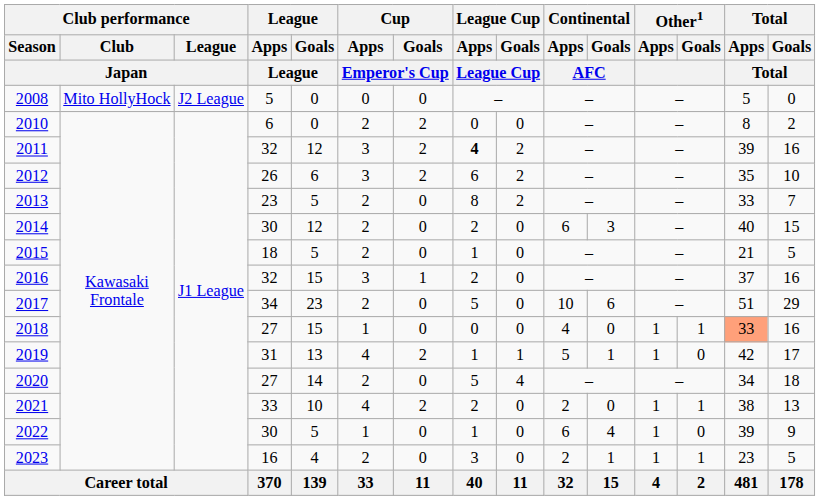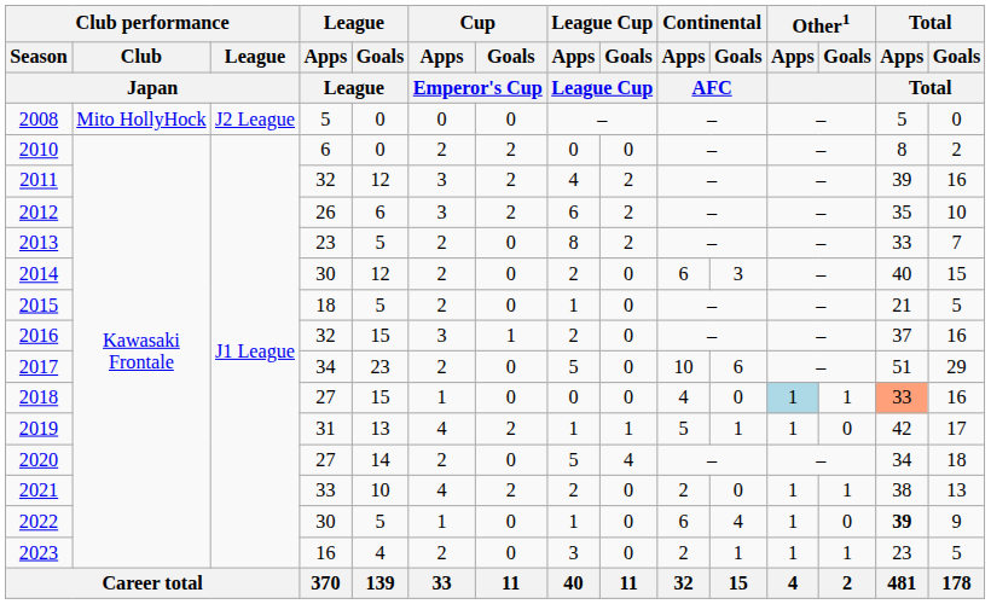 <table class="wikitable" style="text-align:center">
 <tr>
 <th colspan=3>Club performance</th>
 <th colspan=2>League</th>
 <th colspan=2>Cup</th>
 <th colspan=2>League Cup</th>
 <th colspan=2>Continental</th>
 <th colspan=2>Other<sup>1</sup></th>
 <th colspan=2>Total</th>
 </tr>
 <tr>
 <th>Season</th>
 <th>Club</th>
 <th>League</th>
 <th>Apps</th>
 <th>Goals</th>
 <th>Apps</th>
 <th>Goals</th>
 <th>Apps</th>
 <th>Goals</th>
 <th>Apps</th>
 <th>Goals</th>
 <th>Apps</th>
 <th>Goals</th>
 <th>Apps</th>
 <th>Goals</th>
 </tr>
 <tr>
 <th colspan=3>Japan</th>
 <th colspan=2>League</th>
 <th colspan=2><a href='#'>Emperor's Cup</a></th>
 <th colspan=2><a href='#'>League Cup</a></th>
 <th colspan=2><a href='#'>AFC</a></th>
 <th colspan=2></th>
 <th colspan=2>Total</th>
 </tr>
 <tr>
 <td><a href='#'>2008</a></td>
 <td><a href='#'>Mito HollyHock</a></td>
 <td><a href='#'>J2 League</a></td>
 <td>5</td>
 <td>0</td>
 <td>0</td>
 <td>0</td>
 <td colspan="2">–</td>
 <td colspan="2">–</td>
 <td colspan="2">–</td>
 <td>5</td>
 <td>0</td>
 </tr>
 <tr>
 <td><a href='#'>2010</a></td>
 <td rowspan="14"><a href='#'>Kawasaki<br>Frontale</a></td>
 <td rowspan="14"><a href='#'>J1 League</a></td>
 <td>6</td>
 <td>0</td>
 <td>2</td>
 <td>2</td>
 <td>0</td>
 <td>0</td>
 <td colspan="2">–</td>
 <td colspan="2">–</td>
 <td>8</td>
 <td>2</td>
 </tr>
 <tr>
 <td><a href='#'>2011</a></td>
 <td>32</td>
 <td>12</td>
 <td>3</td>
 <td>2</td>
-<td><strong>4</strong></td>
+<td>4</td>
 <td>2</td>
 <td colspan="2">–</td>
 <td colspan="2">–</td>
 <td>39</td>
 <td>16</td>
 </tr>
 <tr>
 <td><a href='#'>2012</a></td>
 <td>26</td>
 <td>6</td>
 <td>3</td>
 <td>2</td>
 <td>6</td>
 <td>2</td>
 <td colspan="2">–</td>
 <td colspan="2">–</td>
 <td>35</td>
 <td>10</td>
 </tr>
 <tr>
 <td><a href='#'>2013</a></td>
 <td>23</td>
 <td>5</td>
 <td>2</td>
 <td>0</td>
 <td>8</td>
 <td>2</td>
 <td colspan="2">–</td>
 <td colspan="2">–</td>
 <td>33</td>
 <td>7</td>
 </tr>
 <tr>
 <td><a href='#'>2014</a></td>
 <td>30</td>
 <td>12</td>
 <td>2</td>
 <td>0</td>
 <td>2</td>
 <td>0</td>
 <td>6</td>
 <td>3</td>
 <td colspan="2">–</td>
 <td>40</td>
 <td>15</td>
 </tr>
 <tr>
 <td><a href='#'>2015</a></td>
 <td>18</td>
 <td>5</td>
 <td>2</td>
 <td>0</td>
 <td>1</td>
 <td>0</td>
 <td colspan="2">–</td>
 <td colspan="2">–</td>
 <td>21</td>
 <td>5</td>
 </tr>
 <tr>
 <td><a href='#'>2016</a></td>
 <td>32</td>
 <td>15</td>
 <td>3</td>
 <td>1</td>
 <td>2</td>
 <td>0</td>
 <td colspan="2">–</td>
 <td colspan="2">–</td>
 <td>37</td>
 <td>16</td>
 </tr>
 <tr>
 <td><a href='#'>2017</a></td>
 <td>34</td>
 <td>23</td>
 <td>2</td>
 <td>0</td>
 <td>5</td>
 <td>0</td>
 <td>10</td>
 <td>6</td>
 <td colspan="2">–</td>
 <td>51</td>
 <td>29</td>
 </tr>
 <tr>
 <td><a href='#'>2018</a></td>
 <td>27</td>
 <td>15</td>
 <td>1</td>
 <td>0</td>
 <td>0</td>
 <td>0</td>
 <td>4</td>
 <td>0</td>
-<td>1</td>
+<td style="background: lightblue;">1</td>
 <td>1</td>
 <td style="background: lightsalmon;">33</td>
 <td>16</td>
 </tr>
 <tr>
 <td><a href='#'>2019</a></td>
 <td>31</td>
 <td>13</td>
 <td>4</td>
 <td>2</td>
 <td>1</td>
 <td>1</td>
 <td>5</td>
 <td>1</td>
 <td>1</td>
 <td>0</td>
 <td>42</td>
 <td>17</td>
 </tr>
 <tr>
 <td><a href='#'>2020</a></td>
 <td>27</td>
 <td>14</td>
 <td>2</td>
 <td>0</td>
 <td>5</td>
 <td>4</td>
 <td colspan="2">–</td>
 <td colspan="2">–</td>
 <td>34</td>
 <td>18</td>
 </tr>
 <tr>
 <td><a href='#'>2021</a></td>
 <td>33</td>
 <td>10</td>
 <td>4</td>
 <td>2</td>
 <td>2</td>
 <td>0</td>
 <td>2</td>
 <td>0</td>
 <td>1</td>
 <td>1</td>
 <td>38</td>
 <td>13</td>
 </tr>
 <tr>
 <td><a href='#'>2022</a></td>
 <td>30</td>
 <td>5</td>
 <td>1</td>
 <td>0</td>
 <td>1</td>
 <td>0</td>
 <td>6</td>
 <td>4</td>
 <td>1</td>
 <td>0</td>
-<td>39</td>
+<td><strong>39</strong></td>
 <td>9</td>
 </tr>
 <tr>
 <td><a href='#'>2023</a></td>
 <td>16</td>
 <td>4</td>
 <td>2</td>
 <td>0</td>
 <td>3</td>
 <td>0</td>
 <td>2</td>
 <td>1</td>
 <td>1</td>
 <td>1</td>
 <td>23</td>
 <td>5</td>
 </tr>
 <tr>
 <th colspan=3>Career total</th>
 <th>370</th>
 <th>139</th>
 <th>33</th>
 <th>11</th>
 <th>40</th>
 <th>11</th>
 <th>32</th>
 <th>15</th>
 <th>4</th>
 <th>2</th>
 <th>481</th>
 <th>178</th>
 </tr>
 </table>
